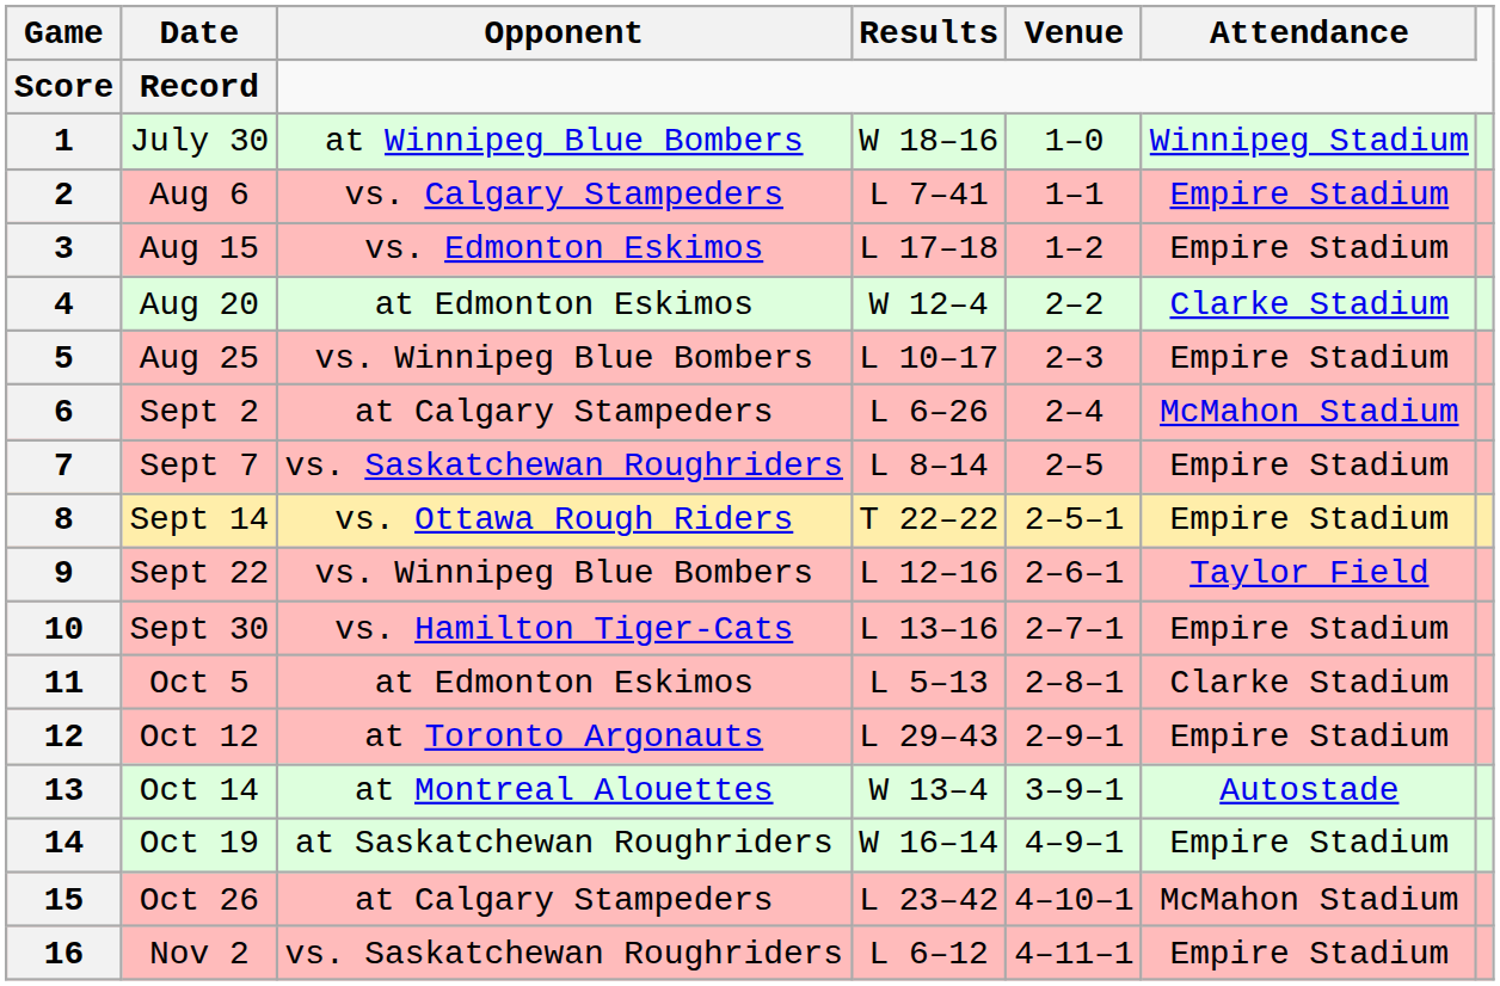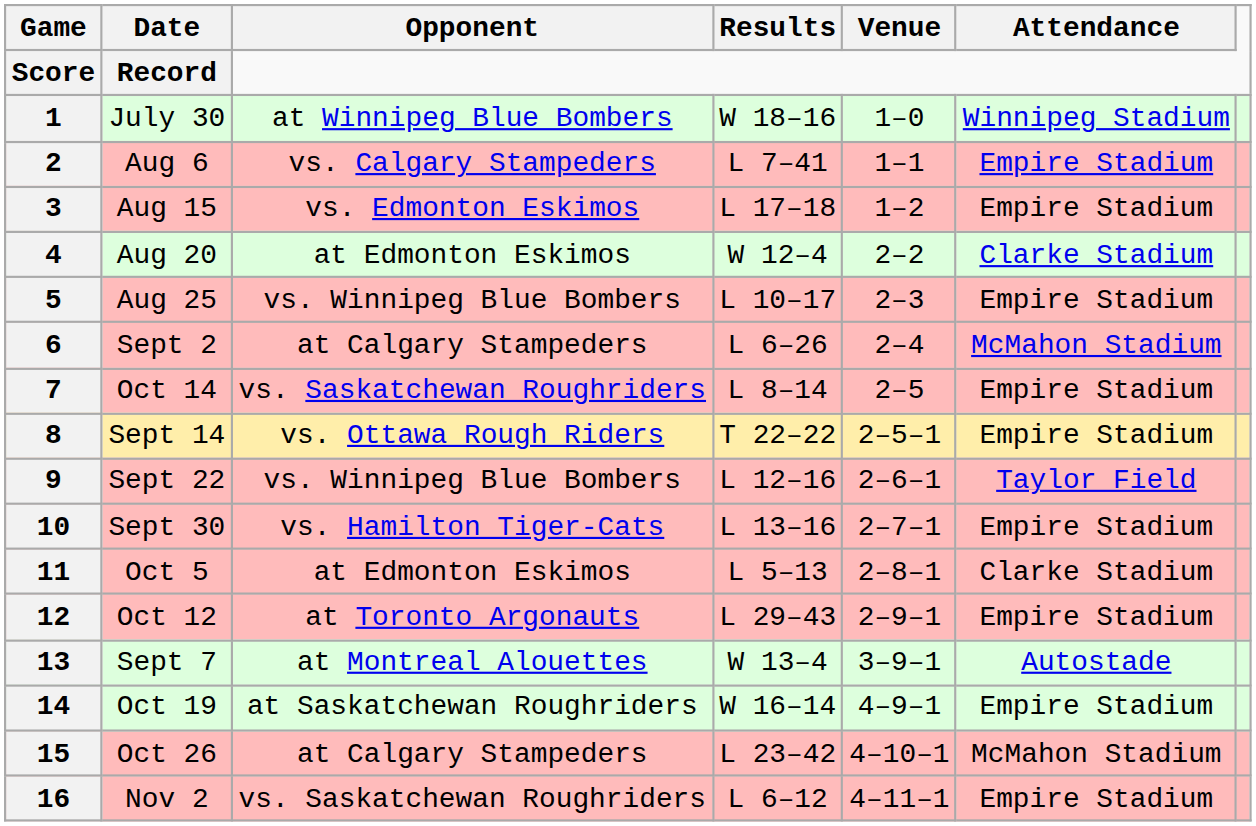 <table class="wikitable" style="text-align:center">
 <tr>
 <th>Game</th>
 <th>Date</th>
 <th>Opponent</th>
 <th>Results</th>
 <th>Venue</th>
 <th>Attendance</th>
 </tr>
 <tr>
 <th>Score</th>
 <th>Record</th>
 </tr>
 <tr style="background:#ddffdd">
 <th>1</th>
 <td>July 30</td>
 <td>at <a href='#'>Winnipeg Blue Bombers</a></td>
 <td>W 18–16</td>
 <td>1–0</td>
 <td><a href='#'>Winnipeg Stadium</a></td>
 <td></td>
 </tr>
 <tr style="background:#ffbbbb">
 <th>2</th>
 <td>Aug 6</td>
 <td>vs. <a href='#'>Calgary Stampeders</a></td>
 <td>L 7–41</td>
 <td>1–1</td>
 <td><a href='#'>Empire Stadium</a></td>
 <td></td>
 </tr>
 <tr style="background:#ffbbbb">
 <th>3</th>
 <td>Aug 15</td>
 <td>vs. <a href='#'>Edmonton Eskimos</a></td>
 <td>L 17–18</td>
 <td>1–2</td>
 <td>Empire Stadium</td>
 <td></td>
 </tr>
 <tr style="background:#ddffdd">
 <th>4</th>
 <td>Aug 20</td>
 <td>at Edmonton Eskimos</td>
 <td>W 12–4</td>
 <td>2–2</td>
 <td><a href='#'>Clarke Stadium</a></td>
 <td></td>
 </tr>
 <tr style="background:#ffbbbb">
 <th>5</th>
 <td>Aug 25</td>
 <td>vs. Winnipeg Blue Bombers</td>
 <td>L 10–17</td>
 <td>2–3</td>
 <td>Empire Stadium</td>
 <td></td>
 </tr>
 <tr style="background:#ffbbbb">
 <th>6</th>
 <td>Sept 2</td>
 <td>at Calgary Stampeders</td>
 <td>L 6–26</td>
 <td>2–4</td>
 <td><a href='#'>McMahon Stadium</a></td>
 <td></td>
 </tr>
 <tr style="background:#ffbbbb">
 <th>7</th>
-<td>Sept 7</td>
+<td>Oct 14</td>
 <td>vs. <a href='#'>Saskatchewan Roughriders</a></td>
 <td>L 8–14</td>
 <td>2–5</td>
 <td>Empire Stadium</td>
 <td></td>
 </tr>
 <tr style="background:#ffeeaa">
 <th>8</th>
 <td>Sept 14</td>
 <td>vs. <a href='#'>Ottawa Rough Riders</a></td>
 <td>T 22–22</td>
 <td>2–5–1</td>
 <td>Empire Stadium</td>
 <td></td>
 </tr>
 <tr style="background:#ffbbbb">
 <th>9</th>
 <td>Sept 22</td>
 <td>vs. Winnipeg Blue Bombers</td>
 <td>L 12–16</td>
 <td>2–6–1</td>
 <td><a href='#'>Taylor Field</a></td>
 <td></td>
 </tr>
 <tr style="background:#ffbbbb">
 <th>10</th>
 <td>Sept 30</td>
 <td>vs. <a href='#'>Hamilton Tiger-Cats</a></td>
 <td>L 13–16</td>
 <td>2–7–1</td>
 <td>Empire Stadium</td>
 <td></td>
 </tr>
 <tr style="background:#ffbbbb">
 <th>11</th>
 <td>Oct 5</td>
 <td>at Edmonton Eskimos</td>
 <td>L 5–13</td>
 <td>2–8–1</td>
 <td>Clarke Stadium</td>
 <td></td>
 </tr>
 <tr style="background:#ffbbbb">
 <th>12</th>
 <td>Oct 12</td>
 <td>at <a href='#'>Toronto Argonauts</a></td>
 <td>L 29–43</td>
 <td>2–9–1</td>
 <td>Empire Stadium</td>
 <td></td>
 </tr>
 <tr style="background:#ddffdd">
 <th>13</th>
-<td>Oct 14</td>
+<td>Sept 7</td>
 <td>at <a href='#'>Montreal Alouettes</a></td>
 <td>W 13–4</td>
 <td>3–9–1</td>
 <td><a href='#'>Autostade</a></td>
 <td></td>
 </tr>
 <tr style="background:#ddffdd">
 <th>14</th>
 <td>Oct 19</td>
 <td>at Saskatchewan Roughriders</td>
 <td>W 16–14</td>
 <td>4–9–1</td>
 <td>Empire Stadium</td>
 <td></td>
 </tr>
 <tr style="background:#ffbbbb">
 <th>15</th>
 <td>Oct 26</td>
 <td>at Calgary Stampeders</td>
 <td>L 23–42</td>
 <td>4–10–1</td>
 <td>McMahon Stadium</td>
 <td></td>
 </tr>
 <tr style="background:#ffbbbb">
 <th>16</th>
 <td>Nov 2</td>
 <td>vs. Saskatchewan Roughriders</td>
 <td>L 6–12</td>
 <td>4–11–1</td>
 <td>Empire Stadium</td>
 <td></td>
 </tr>
 </table>
